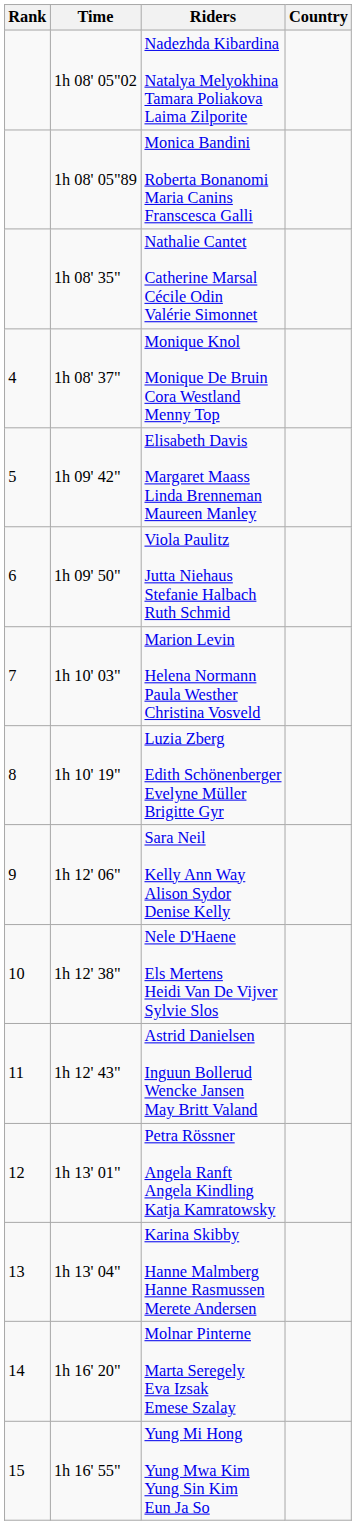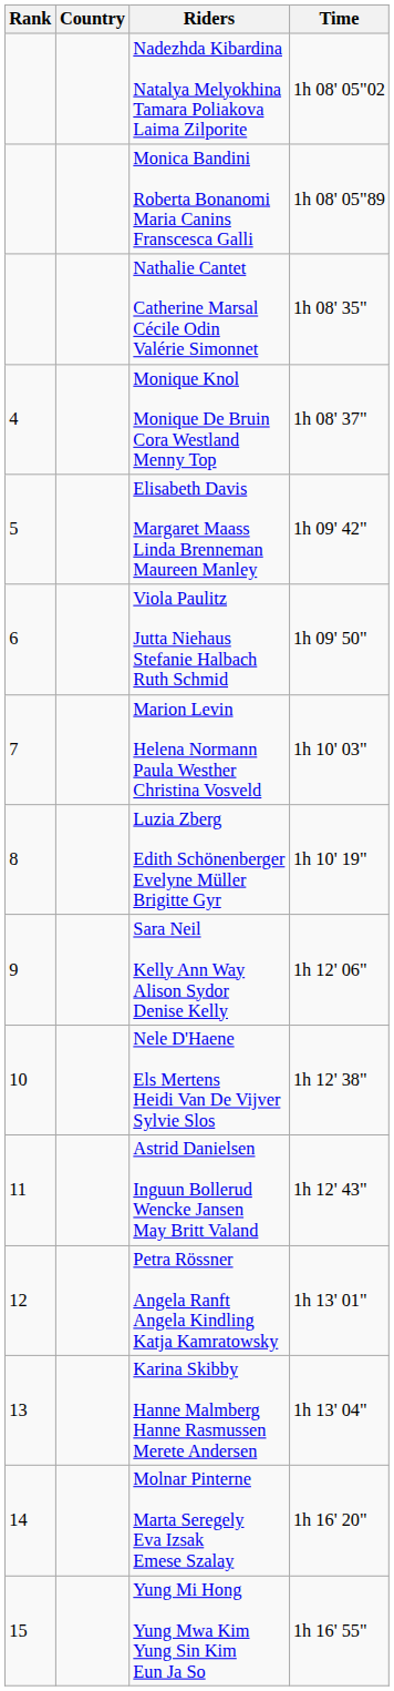 <table class="wikitable" text-align:center;">
 <tr>
 <th>Rank</th>
+<th>Country</th>
+<th>Riders</th>
 <th>Time</th>
-<th>Riders</th>
-<th>Country</th>
 </tr>
 <tr>
 <td></td>
+<td align="left"><strong></strong></td>
+<td><a href='#'>Nadezhda Kibardina</a><br><br><a href='#'>Natalya Melyokhina</a><br> <a href='#'>Tamara Poliakova</a><br> <a href='#'>Laima Zilporite</a></td>
 <td>1h 08' 05"02</td>
-<td><a href='#'>Nadezhda Kibardina</a><br><br><a href='#'>Natalya Melyokhina</a><br> <a href='#'>Tamara Poliakova</a><br> <a href='#'>Laima Zilporite</a></td>
-<td align="left"><strong></strong></td>
 </tr>
 <tr>
 <td></td>
+<td align="left"><strong></strong></td>
+<td><a href='#'>Monica Bandini</a><br><br><a href='#'>Roberta Bonanomi</a><br> <a href='#'>Maria Canins</a><br> <a href='#'>Franscesca Galli</a></td>
 <td>1h 08' 05"89</td>
-<td><a href='#'>Monica Bandini</a><br><br><a href='#'>Roberta Bonanomi</a><br> <a href='#'>Maria Canins</a><br> <a href='#'>Franscesca Galli</a></td>
-<td align="left"><strong></strong></td>
 </tr>
 <tr>
 <td></td>
+<td align="left"><strong></strong></td>
+<td><a href='#'>Nathalie Cantet</a><br><br><a href='#'>Catherine Marsal</a><br> <a href='#'>Cécile Odin</a><br> <a href='#'>Valérie Simonnet</a></td>
 <td>1h 08' 35"</td>
-<td><a href='#'>Nathalie Cantet</a><br><br><a href='#'>Catherine Marsal</a><br> <a href='#'>Cécile Odin</a><br> <a href='#'>Valérie Simonnet</a></td>
-<td align="left"><strong></strong></td>
 </tr>
 <tr>
 <td>4</td>
+<td align="left"><strong></strong></td>
+<td><a href='#'>Monique Knol</a><br><br><a href='#'>Monique De Bruin</a><br> <a href='#'>Cora Westland</a><br> <a href='#'>Menny Top</a></td>
 <td>1h 08' 37"</td>
-<td><a href='#'>Monique Knol</a><br><br><a href='#'>Monique De Bruin</a><br> <a href='#'>Cora Westland</a><br> <a href='#'>Menny Top</a></td>
-<td align="left"><strong></strong></td>
 </tr>
 <tr>
 <td>5</td>
+<td align="left"><strong></strong></td>
+<td><a href='#'>Elisabeth Davis</a><br><br><a href='#'>Margaret Maass</a><br> <a href='#'>Linda Brenneman</a><br> <a href='#'>Maureen Manley</a></td>
 <td>1h 09' 42"</td>
-<td><a href='#'>Elisabeth Davis</a><br><br><a href='#'>Margaret Maass</a><br> <a href='#'>Linda Brenneman</a><br> <a href='#'>Maureen Manley</a></td>
-<td align="left"><strong></strong></td>
 </tr>
 <tr>
 <td>6</td>
+<td align="left"><strong></strong></td>
+<td><a href='#'>Viola Paulitz</a><br><br><a href='#'>Jutta Niehaus</a><br> <a href='#'>Stefanie Halbach</a><br> <a href='#'>Ruth Schmid</a></td>
 <td>1h 09' 50"</td>
-<td><a href='#'>Viola Paulitz</a><br><br><a href='#'>Jutta Niehaus</a><br> <a href='#'>Stefanie Halbach</a><br> <a href='#'>Ruth Schmid</a></td>
-<td align="left"><strong></strong></td>
 </tr>
 <tr>
 <td>7</td>
+<td align="left"><strong></strong></td>
+<td><a href='#'>Marion Levin</a><br><br><a href='#'>Helena Normann</a><br> <a href='#'>Paula Westher</a><br> <a href='#'>Christina Vosveld</a></td>
 <td>1h 10' 03"</td>
-<td><a href='#'>Marion Levin</a><br><br><a href='#'>Helena Normann</a><br> <a href='#'>Paula Westher</a><br> <a href='#'>Christina Vosveld</a></td>
-<td align="left"><strong></strong></td>
 </tr>
 <tr>
 <td>8</td>
+<td align="left"><strong></strong></td>
+<td><a href='#'>Luzia Zberg</a><br><br><a href='#'>Edith Schönenberger</a><br> <a href='#'>Evelyne Müller</a><br> <a href='#'>Brigitte Gyr</a></td>
 <td>1h 10' 19"</td>
-<td><a href='#'>Luzia Zberg</a><br><br><a href='#'>Edith Schönenberger</a><br> <a href='#'>Evelyne Müller</a><br> <a href='#'>Brigitte Gyr</a></td>
-<td align="left"><strong></strong></td>
 </tr>
 <tr>
 <td>9</td>
+<td align="left"><strong></strong></td>
+<td><a href='#'>Sara Neil</a><br><br><a href='#'>Kelly Ann Way</a><br> <a href='#'>Alison Sydor</a><br> <a href='#'>Denise Kelly</a></td>
 <td>1h 12' 06"</td>
-<td><a href='#'>Sara Neil</a><br><br><a href='#'>Kelly Ann Way</a><br> <a href='#'>Alison Sydor</a><br> <a href='#'>Denise Kelly</a></td>
-<td align="left"><strong></strong></td>
 </tr>
 <tr>
 <td>10</td>
+<td align="left"><strong></strong></td>
+<td><a href='#'>Nele D'Haene</a><br><br><a href='#'>Els Mertens</a><br> <a href='#'>Heidi Van De Vijver</a><br> <a href='#'>Sylvie Slos</a></td>
 <td>1h 12' 38"</td>
-<td><a href='#'>Nele D'Haene</a><br><br><a href='#'>Els Mertens</a><br> <a href='#'>Heidi Van De Vijver</a><br> <a href='#'>Sylvie Slos</a></td>
-<td align="left"><strong></strong></td>
 </tr>
 <tr>
 <td>11</td>
+<td align="left"><strong></strong></td>
+<td><a href='#'>Astrid Danielsen</a><br><br><a href='#'>Inguun Bollerud</a><br> <a href='#'>Wencke Jansen</a><br> <a href='#'>May Britt Valand</a></td>
 <td>1h 12' 43"</td>
-<td><a href='#'>Astrid Danielsen</a><br><br><a href='#'>Inguun Bollerud</a><br> <a href='#'>Wencke Jansen</a><br> <a href='#'>May Britt Valand</a></td>
-<td align="left"><strong></strong></td>
 </tr>
 <tr>
 <td>12</td>
+<td align="left"><strong></strong></td>
+<td><a href='#'>Petra Rössner</a><br><br><a href='#'>Angela Ranft</a><br> <a href='#'>Angela Kindling</a><br> <a href='#'>Katja Kamratowsky</a></td>
 <td>1h 13' 01"</td>
-<td><a href='#'>Petra Rössner</a><br><br><a href='#'>Angela Ranft</a><br> <a href='#'>Angela Kindling</a><br> <a href='#'>Katja Kamratowsky</a></td>
-<td align="left"><strong></strong></td>
 </tr>
 <tr>
 <td>13</td>
+<td align="left"><strong></strong></td>
+<td><a href='#'>Karina Skibby</a><br><br><a href='#'>Hanne Malmberg</a><br> <a href='#'>Hanne Rasmussen</a><br> <a href='#'>Merete Andersen</a></td>
 <td>1h 13' 04"</td>
-<td><a href='#'>Karina Skibby</a><br><br><a href='#'>Hanne Malmberg</a><br> <a href='#'>Hanne Rasmussen</a><br> <a href='#'>Merete Andersen</a></td>
-<td align="left"><strong></strong></td>
 </tr>
 <tr>
 <td>14</td>
+<td align="left"><strong></strong></td>
+<td><a href='#'>Molnar Pinterne</a><br><br><a href='#'>Marta Seregely</a><br> <a href='#'>Eva Izsak</a><br> <a href='#'>Emese Szalay</a></td>
 <td>1h 16' 20"</td>
-<td><a href='#'>Molnar Pinterne</a><br><br><a href='#'>Marta Seregely</a><br> <a href='#'>Eva Izsak</a><br> <a href='#'>Emese Szalay</a></td>
-<td align="left"><strong></strong></td>
 </tr>
 <tr>
 <td>15</td>
+<td align="left"><strong></strong></td>
+<td><a href='#'>Yung Mi Hong</a><br><br><a href='#'>Yung Mwa Kim</a><br> <a href='#'>Yung Sin Kim</a><br> <a href='#'>Eun Ja So</a></td>
 <td>1h 16' 55"</td>
-<td><a href='#'>Yung Mi Hong</a><br><br><a href='#'>Yung Mwa Kim</a><br> <a href='#'>Yung Sin Kim</a><br> <a href='#'>Eun Ja So</a></td>
-<td align="left"><strong></strong></td>
 </tr>
 </table>
